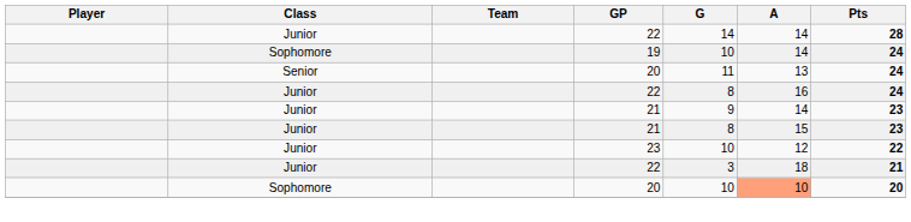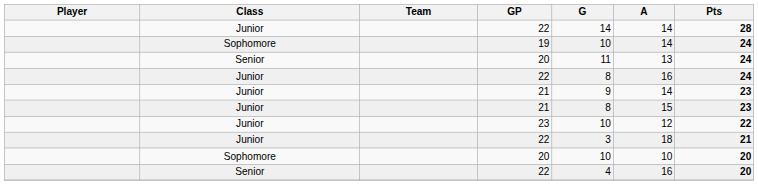 <table class="wikitable sortable" style="text-align: center; "width=60%">
 <tr>
 <th>Player</th>
 <th>Class</th>
 <th>Team</th>
 <th>GP</th>
 <th>G</th>
 <th>A</th>
 <th>Pts</th>
 </tr>
 <tr>
 <td style="text-align: left"></td>
 <td>Junior</td>
 <td><strong><a href='#'></a></strong></td>
 <td style="text-align: right">22</td>
 <td style="text-align: right">14</td>
 <td style="text-align: right">14</td>
 <td style="text-align: right"><strong>28</strong></td>
 </tr>
 <tr bgcolor=f0f0f0>
 <td style="text-align: left"></td>
 <td>Sophomore</td>
 <td><strong><a href='#'></a></strong></td>
 <td style="text-align: right">19</td>
 <td style="text-align: right">10</td>
 <td style="text-align: right">14</td>
 <td style="text-align: right"><strong>24</strong></td>
 </tr>
 <tr>
 <td style="text-align: left"></td>
 <td>Senior</td>
 <td><strong><a href='#'></a></strong></td>
 <td style="text-align: right">20</td>
 <td style="text-align: right">11</td>
 <td style="text-align: right">13</td>
 <td style="text-align: right"><strong>24</strong></td>
 </tr>
 <tr bgcolor=f0f0f0>
 <td style="text-align: left"></td>
 <td>Junior</td>
 <td><strong><a href='#'></a></strong></td>
 <td style="text-align: right">22</td>
 <td style="text-align: right">8</td>
 <td style="text-align: right">16</td>
 <td style="text-align: right"><strong>24</strong></td>
 </tr>
 <tr>
 <td style="text-align: left"></td>
 <td>Junior</td>
 <td><strong><a href='#'></a></strong></td>
 <td style="text-align: right">21</td>
 <td style="text-align: right">9</td>
 <td style="text-align: right">14</td>
 <td style="text-align: right"><strong>23</strong></td>
 </tr>
 <tr bgcolor=f0f0f0>
 <td style="text-align: left"></td>
 <td>Junior</td>
 <td><strong><a href='#'></a></strong></td>
 <td style="text-align: right">21</td>
 <td style="text-align: right">8</td>
 <td style="text-align: right">15</td>
 <td style="text-align: right"><strong>23</strong></td>
 </tr>
 <tr>
 <td style="text-align: left"></td>
 <td>Junior</td>
 <td><strong><a href='#'></a></strong></td>
 <td style="text-align: right">23</td>
 <td style="text-align: right">10</td>
 <td style="text-align: right">12</td>
 <td style="text-align: right"><strong>22</strong></td>
 </tr>
 <tr bgcolor=f0f0f0>
 <td style="text-align: left"></td>
 <td>Junior</td>
 <td><strong><a href='#'></a></strong></td>
 <td style="text-align: right">22</td>
 <td style="text-align: right">3</td>
 <td style="text-align: right">18</td>
 <td style="text-align: right"><strong>21</strong></td>
 </tr>
 <tr>
 <td style="text-align: left"></td>
 <td>Sophomore</td>
 <td><strong><a href='#'></a></strong></td>
 <td style="text-align: right">20</td>
 <td style="text-align: right">10</td>
-<td style="background: lightsalmon; text-align: right">10</td>
+<td style="text-align: right">10</td>
+<td style="text-align: right"><strong>20</strong></td>
+</tr>
+<tr bgcolor=f0f0f0>
+<td style="text-align: left"></td>
+<td>Senior</td>
+<td><strong><a href='#'></a></strong></td>
+<td style="text-align: right">22</td>
+<td style="text-align: right">4</td>
+<td style="text-align: right">16</td>
 <td style="text-align: right"><strong>20</strong></td>
 </tr>
 <tr>
 </tr>
 </table>
